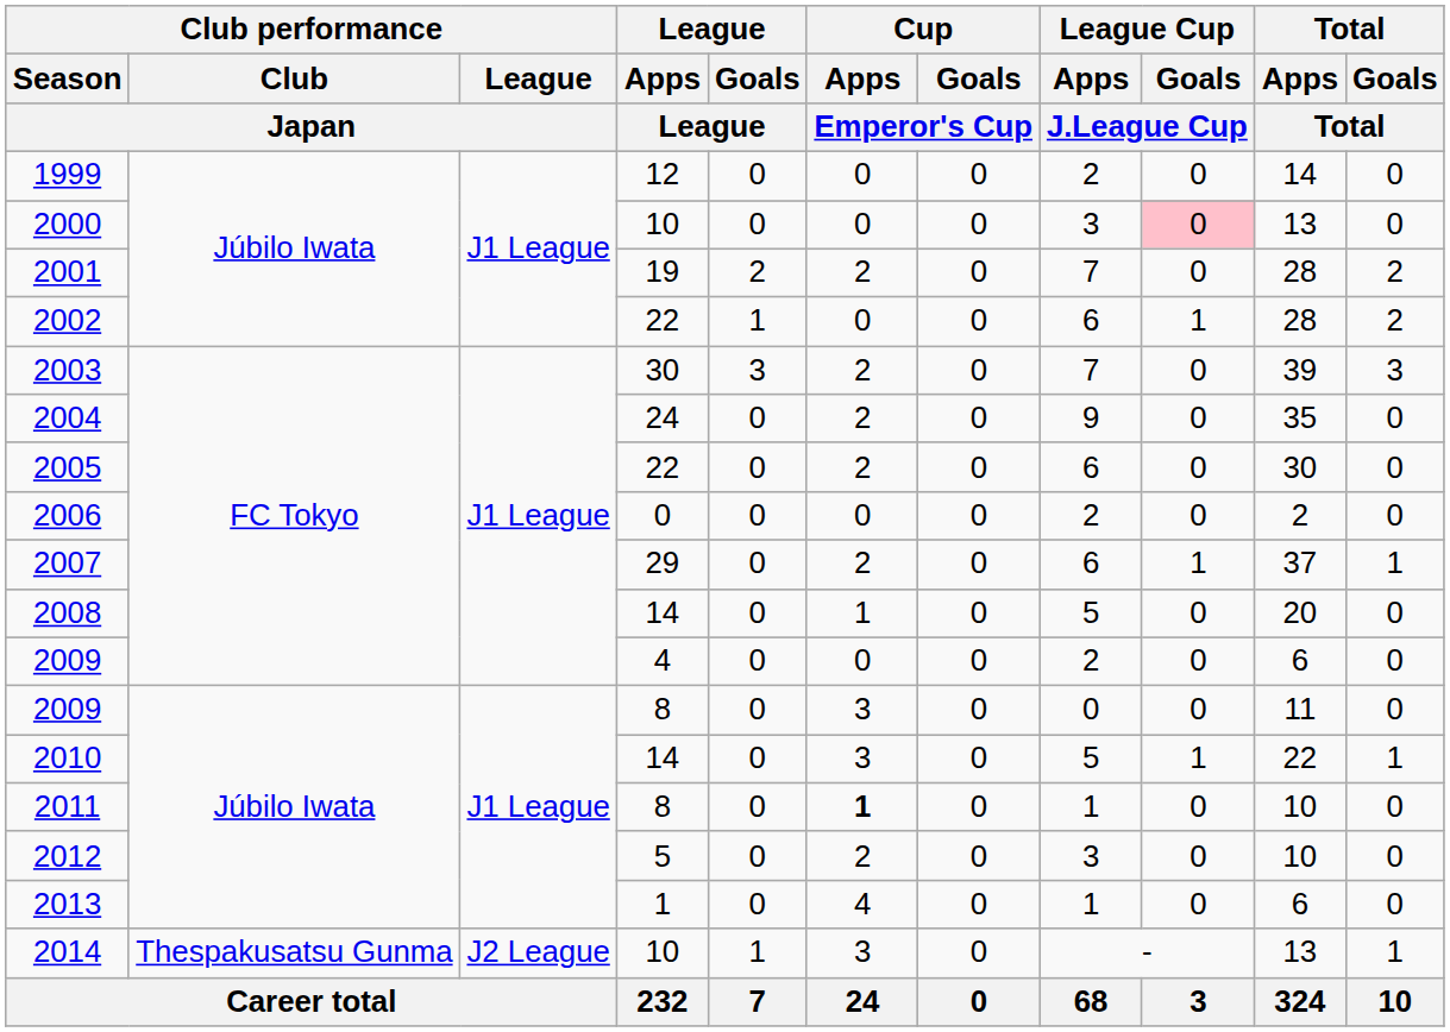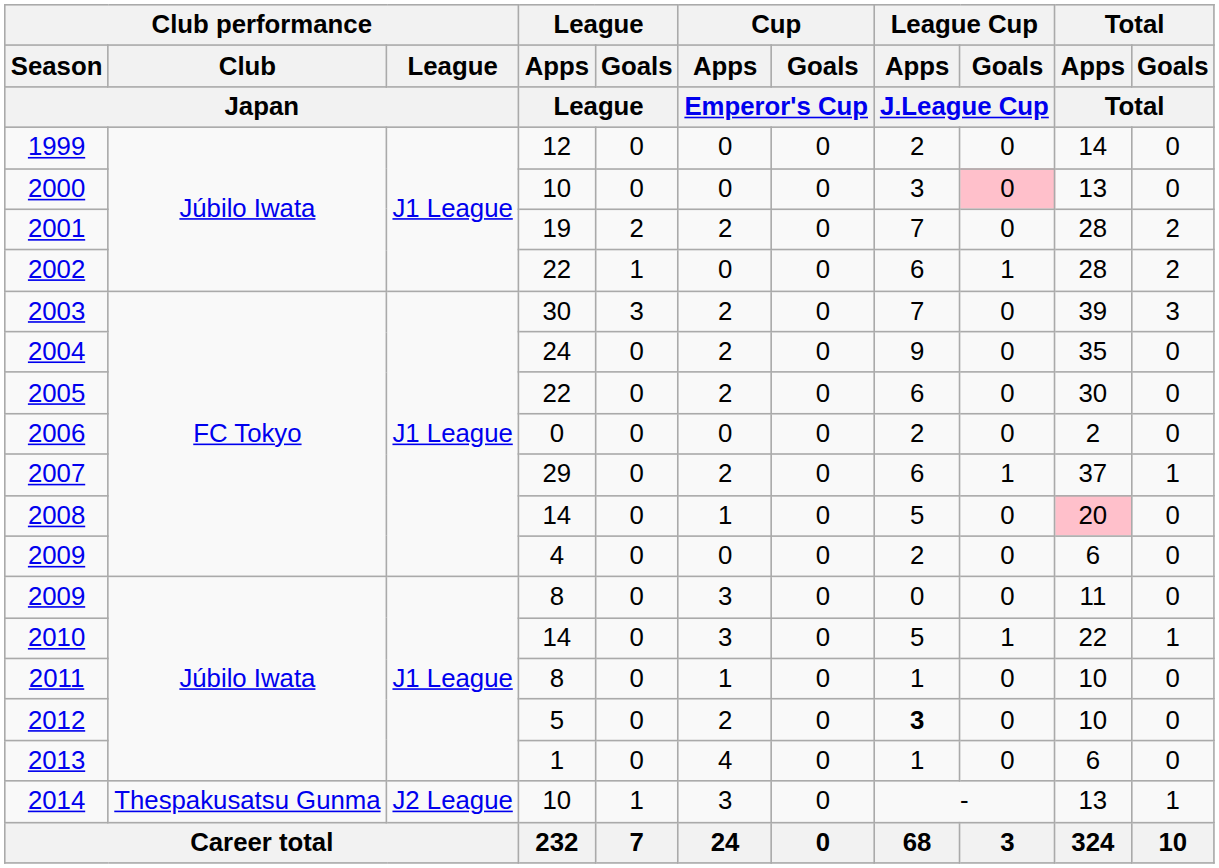 <table class="wikitable" style="text-align:center">
 <tr>
 <th colspan=3>Club performance</th>
 <th colspan=2>League</th>
 <th colspan=2>Cup</th>
 <th colspan=2>League Cup</th>
 <th colspan=2>Total</th>
 </tr>
 <tr>
 <th>Season</th>
 <th>Club</th>
 <th>League</th>
 <th>Apps</th>
 <th>Goals</th>
 <th>Apps</th>
 <th>Goals</th>
 <th>Apps</th>
 <th>Goals</th>
 <th>Apps</th>
 <th>Goals</th>
 </tr>
 <tr>
 <th colspan=3>Japan</th>
 <th colspan=2>League</th>
 <th colspan=2><a href='#'>Emperor's Cup</a></th>
 <th colspan=2><a href='#'>J.League Cup</a></th>
 <th colspan=2>Total</th>
 </tr>
 <tr>
 <td><a href='#'>1999</a></td>
 <td rowspan="4"><a href='#'>Júbilo Iwata</a></td>
 <td rowspan="4"><a href='#'>J1 League</a></td>
 <td>12</td>
 <td>0</td>
 <td>0</td>
 <td>0</td>
 <td>2</td>
 <td>0</td>
 <td>14</td>
 <td>0</td>
 </tr>
 <tr>
 <td><a href='#'>2000</a></td>
 <td>10</td>
 <td>0</td>
 <td>0</td>
 <td>0</td>
 <td>3</td>
 <td style="background: pink;">0</td>
 <td>13</td>
 <td>0</td>
 </tr>
 <tr>
 <td><a href='#'>2001</a></td>
 <td>19</td>
 <td>2</td>
 <td>2</td>
 <td>0</td>
 <td>7</td>
 <td>0</td>
 <td>28</td>
 <td>2</td>
 </tr>
 <tr>
 <td><a href='#'>2002</a></td>
 <td>22</td>
 <td>1</td>
 <td>0</td>
 <td>0</td>
 <td>6</td>
 <td>1</td>
 <td>28</td>
 <td>2</td>
 </tr>
 <tr>
 <td><a href='#'>2003</a></td>
 <td rowspan="7"><a href='#'>FC Tokyo</a></td>
 <td rowspan="7"><a href='#'>J1 League</a></td>
 <td>30</td>
 <td>3</td>
 <td>2</td>
 <td>0</td>
 <td>7</td>
 <td>0</td>
 <td>39</td>
 <td>3</td>
 </tr>
 <tr>
 <td><a href='#'>2004</a></td>
 <td>24</td>
 <td>0</td>
 <td>2</td>
 <td>0</td>
 <td>9</td>
 <td>0</td>
 <td>35</td>
 <td>0</td>
 </tr>
 <tr>
 <td><a href='#'>2005</a></td>
 <td>22</td>
 <td>0</td>
 <td>2</td>
 <td>0</td>
 <td>6</td>
 <td>0</td>
 <td>30</td>
 <td>0</td>
 </tr>
 <tr>
 <td><a href='#'>2006</a></td>
 <td>0</td>
 <td>0</td>
 <td>0</td>
 <td>0</td>
 <td>2</td>
 <td>0</td>
 <td>2</td>
 <td>0</td>
 </tr>
 <tr>
 <td><a href='#'>2007</a></td>
 <td>29</td>
 <td>0</td>
 <td>2</td>
 <td>0</td>
 <td>6</td>
 <td>1</td>
 <td>37</td>
 <td>1</td>
 </tr>
 <tr>
 <td><a href='#'>2008</a></td>
 <td>14</td>
 <td>0</td>
 <td>1</td>
 <td>0</td>
 <td>5</td>
 <td>0</td>
-<td>20</td>
+<td style="background: pink;">20</td>
 <td>0</td>
 </tr>
 <tr>
 <td><a href='#'>2009</a></td>
 <td>4</td>
 <td>0</td>
 <td>0</td>
 <td>0</td>
 <td>2</td>
 <td>0</td>
 <td>6</td>
 <td>0</td>
 </tr>
 <tr>
 <td><a href='#'>2009</a></td>
 <td rowspan="5"><a href='#'>Júbilo Iwata</a></td>
 <td rowspan="5"><a href='#'>J1 League</a></td>
 <td>8</td>
 <td>0</td>
 <td>3</td>
 <td>0</td>
 <td>0</td>
 <td>0</td>
 <td>11</td>
 <td>0</td>
 </tr>
 <tr>
 <td><a href='#'>2010</a></td>
 <td>14</td>
 <td>0</td>
 <td>3</td>
 <td>0</td>
 <td>5</td>
 <td>1</td>
 <td>22</td>
 <td>1</td>
 </tr>
 <tr>
 <td><a href='#'>2011</a></td>
 <td>8</td>
 <td>0</td>
-<td><strong>1</strong></td>
+<td>1</td>
 <td>0</td>
 <td>1</td>
 <td>0</td>
 <td>10</td>
 <td>0</td>
 </tr>
 <tr>
 <td><a href='#'>2012</a></td>
 <td>5</td>
 <td>0</td>
 <td>2</td>
 <td>0</td>
-<td>3</td>
+<td><strong>3</strong></td>
 <td>0</td>
 <td>10</td>
 <td>0</td>
 </tr>
 <tr>
 <td><a href='#'>2013</a></td>
 <td>1</td>
 <td>0</td>
 <td>4</td>
 <td>0</td>
 <td>1</td>
 <td>0</td>
 <td>6</td>
 <td>0</td>
 </tr>
 <tr>
 <td><a href='#'>2014</a></td>
 <td><a href='#'>Thespakusatsu Gunma</a></td>
 <td><a href='#'>J2 League</a></td>
 <td>10</td>
 <td>1</td>
 <td>3</td>
 <td>0</td>
 <td colspan="2">-</td>
 <td>13</td>
 <td>1</td>
 </tr>
 <tr>
 <th colspan=3>Career total</th>
 <th>232</th>
 <th>7</th>
 <th>24</th>
 <th>0</th>
 <th>68</th>
 <th>3</th>
 <th>324</th>
 <th>10</th>
 </tr>
 </table>
